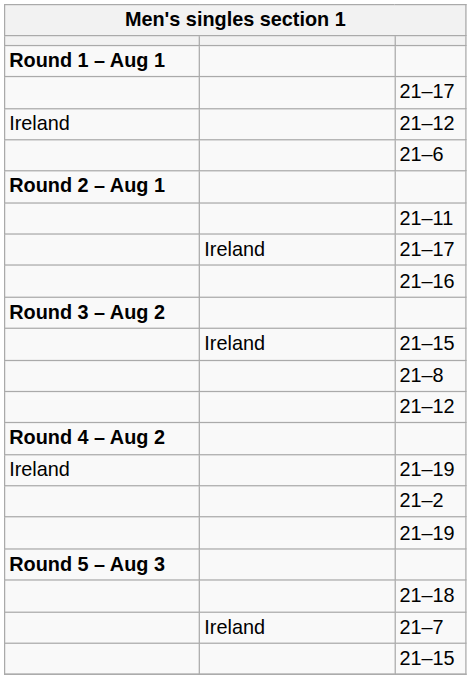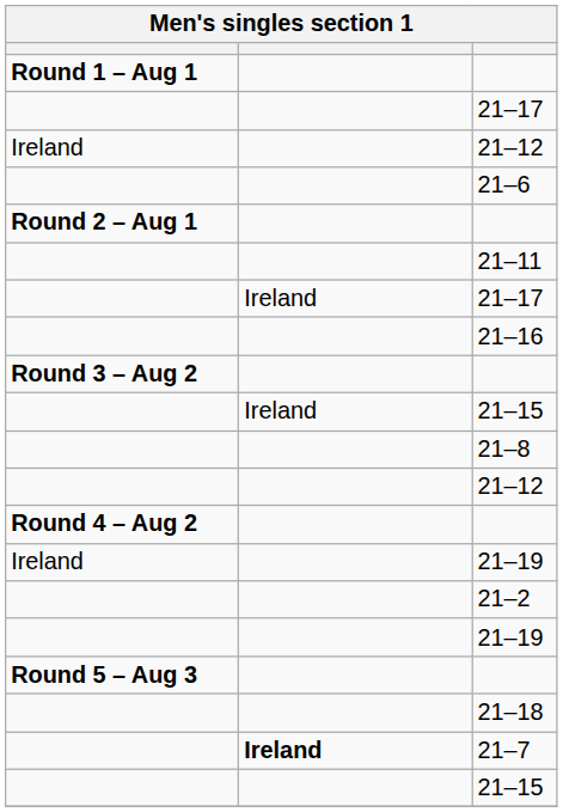 <table class="wikitable">
 <tr>
 <th colspan="3">Men's singles section 1</th>
 </tr>
 <tr>
 <th width=150></th>
 <th width=150></th>
 <th width=50></th>
 </tr>
 <tr>
 <td><strong>Round 1 – Aug 1</strong></td>
 <td></td>
 <td></td>
 </tr>
 <tr>
 <td></td>
 <td></td>
 <td>21–17</td>
 </tr>
 <tr>
 <td> Ireland</td>
 <td></td>
 <td>21–12</td>
 </tr>
 <tr>
 <td></td>
 <td></td>
 <td>21–6</td>
 </tr>
 <tr>
 <td><strong>Round 2 – Aug 1</strong></td>
 <td></td>
 <td></td>
 </tr>
 <tr>
 <td></td>
 <td></td>
 <td>21–11</td>
 </tr>
 <tr>
 <td></td>
 <td> Ireland</td>
 <td>21–17</td>
 </tr>
 <tr>
 <td></td>
 <td></td>
 <td>21–16</td>
 </tr>
 <tr>
 <td><strong>Round 3 – Aug 2</strong></td>
 <td></td>
 <td></td>
 </tr>
 <tr>
 <td></td>
 <td> Ireland</td>
 <td>21–15</td>
 </tr>
 <tr>
 <td></td>
 <td></td>
 <td>21–8</td>
 </tr>
 <tr>
 <td></td>
 <td></td>
 <td>21–12</td>
 </tr>
 <tr>
 <td><strong>Round 4 – Aug 2</strong></td>
 <td></td>
 <td></td>
 </tr>
 <tr>
 <td> Ireland</td>
 <td></td>
 <td>21–19</td>
 </tr>
 <tr>
 <td></td>
 <td></td>
 <td>21–2</td>
 </tr>
 <tr>
 <td></td>
 <td></td>
 <td>21–19</td>
 </tr>
 <tr>
 <td><strong>Round 5 – Aug 3</strong></td>
 <td></td>
 <td></td>
 </tr>
 <tr>
 <td></td>
 <td></td>
 <td>21–18</td>
 </tr>
 <tr>
 <td></td>
-<td> Ireland</td>
+<td><strong> Ireland</strong></td>
 <td>21–7</td>
 </tr>
 <tr>
 <td></td>
 <td></td>
 <td>21–15</td>
 </tr>
 <tr>
 </tr>
 </table>
